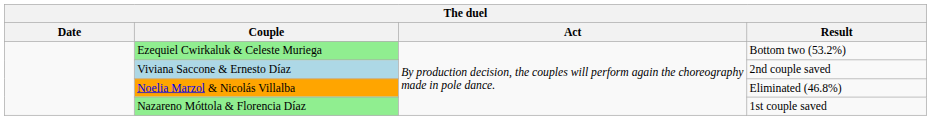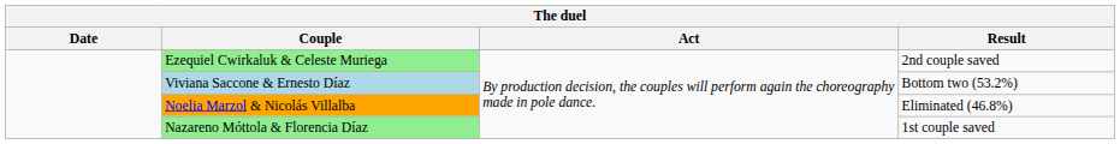 <table class="wikitable collapsible collapsed" style="text-align: align; width: 100%;">
 <tr>
 <th colspan="11" style="with: 100%;" align="center">The duel</th>
 </tr>
 <tr>
 <th width=85>Date</th>
 <th width=180>Couple</th>
 <th width=240>Act</th>
 <th width=120>Result</th>
 </tr>
 <tr>
 <td rowspan="4"></td>
 <td bgcolor="lightgreen">Ezequiel Cwirkaluk & Celeste Muriega</td>
 <td rowspan="4"><em>By production decision, the couples will perform again the choreography made in pole dance.</em></td>
-<td>Bottom two (53.2%)</td>
+<td>2nd couple saved</td>
 </tr>
 <tr>
 <td bgcolor="lightblue">Viviana Saccone & Ernesto Díaz</td>
-<td>2nd couple saved</td>
+<td>Bottom two (53.2%)</td>
 </tr>
 <tr>
 <td bgcolor="orange"><a href='#'>Noelia Marzol</a> & Nicolás Villalba</td>
 <td>Eliminated (46.8%)</td>
 </tr>
 <tr>
 <td bgcolor="lightgreen">Nazareno Móttola & Florencia Díaz</td>
 <td>1st couple saved</td>
 </tr>
 </table>
